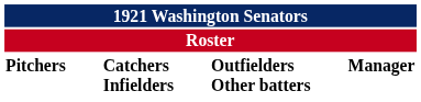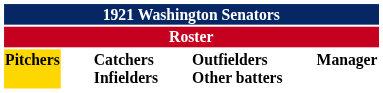 <table class="toccolours" style="font-size: 95%;">
 <tr>
 <th colspan="10" style="background-color: #072764; color: white; text-align: center;">1921 Washington Senators</th>
 </tr>
 <tr>
 <td colspan="10" style="background-color: #c6011f; color: white; text-align: center;"><strong>Roster</strong></td>
 </tr>
 <tr>
-<td valign="top"><strong>Pitchers</strong><br>             </td>
+<td valign="top" style="background: gold;"><strong>Pitchers</strong><br>             </td>
 <td width="25px"></td>
 <td valign="top"><strong>Catchers</strong><br>    <strong>Infielders</strong>       </td>
 <td width="25px"></td>
 <td valign="top"><strong>Outfielders</strong><br>       <strong>Other batters</strong> </td>
 <td width="25px"></td>
 <td valign="top"><strong>Manager</strong><br></td>
 </tr>
 </table>
